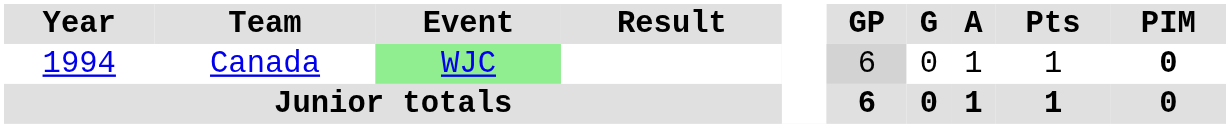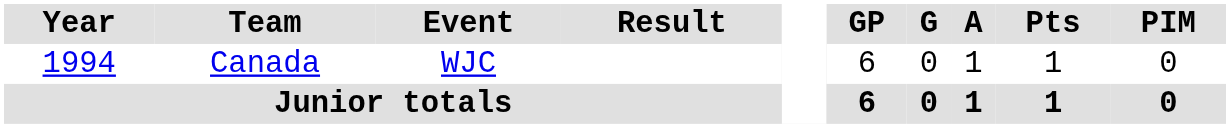 <table border="0" cellpadding="1" cellspacing="0" style="text-align:center; width:40em">
 <tr ALIGN="center" bgcolor="#e0e0e0">
 <th>Year</th>
 <th>Team</th>
 <th>Event</th>
 <th>Result</th>
 <th rowspan="99" bgcolor="#ffffff"> </th>
 <th>GP</th>
 <th>G</th>
 <th>A</th>
 <th>Pts</th>
 <th>PIM</th>
 </tr>
 <tr ALIGN="center">
 <td><a href='#'>1994</a></td>
 <td><a href='#'>Canada</a></td>
-<td style="background: lightgreen;"><a href='#'>WJC</a></td>
+<td><a href='#'>WJC</a></td>
 <td></td>
-<td style="background: lightgrey;">6</td>
+<td>6</td>
 <td>0</td>
 <td>1</td>
 <td>1</td>
-<td><strong>0</strong></td>
+<td>0</td>
 </tr>
 <tr bgcolor="#e0e0e0">
 <th colspan="4">Junior totals</th>
 <th>6</th>
 <th>0</th>
 <th>1</th>
 <th>1</th>
 <th>0</th>
 </tr>
 </table>
